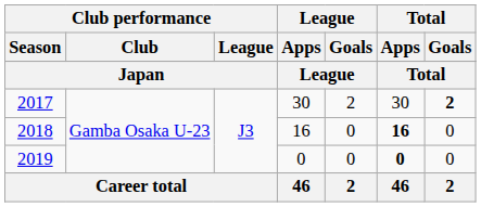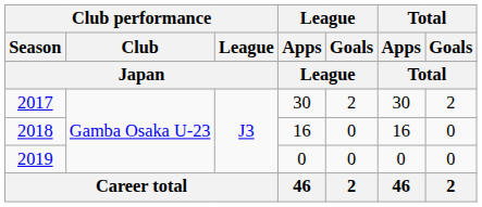 <table class="wikitable" style="text-align:center">
 <tr>
 <th colspan=3>Club performance</th>
 <th colspan=2>League</th>
 <th colspan=2>Total</th>
 </tr>
 <tr>
 <th>Season</th>
 <th>Club</th>
 <th>League</th>
 <th>Apps</th>
 <th>Goals</th>
 <th>Apps</th>
 <th>Goals</th>
 </tr>
 <tr>
 </tr>
 <tr>
 <th colspan=3>Japan</th>
 <th colspan=2>League</th>
 <th colspan=2>Total</th>
 </tr>
 <tr>
 <td><a href='#'>2017</a></td>
 <td rowspan=3><a href='#'>Gamba Osaka U-23</a></td>
 <td rowspan=3><a href='#'>J3</a></td>
 <td>30</td>
 <td>2</td>
 <td>30</td>
-<td><strong>2</strong></td>
+<td>2</td>
 </tr>
 <tr>
 <td><a href='#'>2018</a></td>
 <td>16</td>
 <td>0</td>
-<td><strong>16</strong></td>
+<td>16</td>
 <td>0</td>
 </tr>
 <tr>
 <td><a href='#'>2019</a></td>
 <td>0</td>
 <td>0</td>
-<td><strong>0</strong></td>
+<td>0</td>
 <td>0</td>
 </tr>
 <tr>
 <th colspan=3>Career total</th>
 <th>46</th>
 <th>2</th>
 <th>46</th>
 <th>2</th>
 </tr>
 </table>
